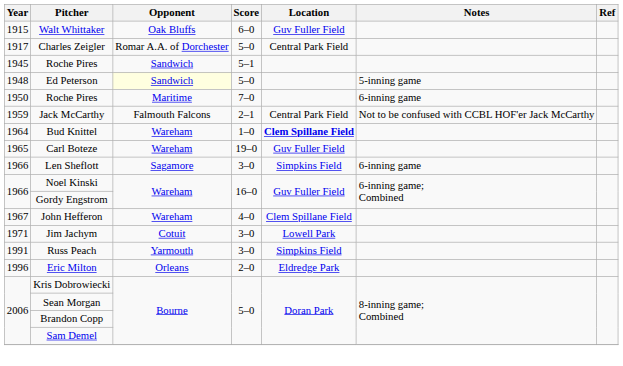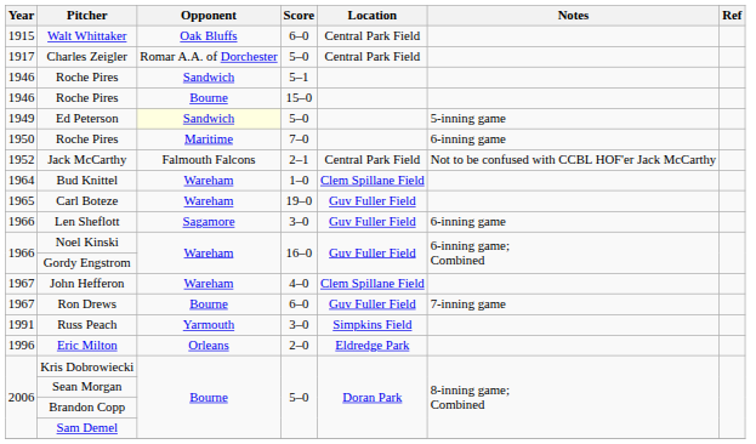 <table class="wikitable" style="text-align:center">
 <tr>
 <th scope="col">Year</th>
 <th scope="col">Pitcher</th>
 <th scope="col">Opponent</th>
 <th scope="col">Score</th>
 <th scope="col">Location</th>
 <th scope="col">Notes</th>
 <th scope="col">Ref</th>
 </tr>
 <tr>
 <td>1915</td>
 <td><a href='#'>Walt Whittaker</a></td>
 <td><a href='#'>Oak Bluffs</a></td>
 <td>6–0</td>
-<td><a href='#'>Guv Fuller Field</a></td>
+<td>Central Park Field</td>
 <td></td>
 <td></td>
 </tr>
 <tr>
 <td>1917</td>
 <td>Charles Zeigler</td>
 <td>Romar A.A. of <a href='#'>Dorchester</a></td>
 <td>5–0</td>
 <td>Central Park Field</td>
 <td></td>
 <td></td>
 </tr>
 <tr>
-<td>1945</td>
+<td>1946</td>
 <td>Roche Pires</td>
 <td><a href='#'>Sandwich</a></td>
 <td>5–1</td>
 <td></td>
 <td></td>
 <td></td>
 </tr>
 <tr>
-<td>1948</td>
+<td>1946</td>
+<td>Roche Pires</td>
+<td><a href='#'>Bourne</a></td>
+<td>15–0</td>
+<td></td>
+<td></td>
+<td></td>
+</tr>
+<tr>
+<td>1949</td>
 <td>Ed Peterson</td>
 <td style="background: lightyellow;"><a href='#'>Sandwich</a></td>
 <td>5–0</td>
 <td></td>
 <td style="text-align:left">5-inning game</td>
 <td></td>
 </tr>
 <tr>
 <td>1950</td>
 <td>Roche Pires</td>
 <td><a href='#'>Maritime</a></td>
 <td>7–0</td>
 <td></td>
 <td style="text-align:left">6-inning game</td>
 <td></td>
 </tr>
 <tr>
-<td>1959</td>
+<td>1952</td>
 <td>Jack McCarthy</td>
 <td>Falmouth Falcons</td>
 <td>2–1</td>
 <td>Central Park Field</td>
 <td style="text-align:left">Not to be confused with CCBL HOF'er Jack McCarthy</td>
 <td></td>
 </tr>
 <tr>
 <td>1964</td>
 <td>Bud Knittel</td>
 <td><a href='#'>Wareham</a></td>
 <td>1–0</td>
-<td><strong><a href='#'>Clem Spillane Field</a></strong></td>
+<td><a href='#'>Clem Spillane Field</a></td>
 <td></td>
 <td></td>
 </tr>
 <tr>
 <td>1965</td>
 <td>Carl Boteze</td>
 <td><a href='#'>Wareham</a></td>
 <td>19–0</td>
 <td><a href='#'>Guv Fuller Field</a></td>
 <td></td>
 <td></td>
 </tr>
 <tr>
 <td>1966</td>
 <td>Len Sheflott</td>
 <td><a href='#'>Sagamore</a></td>
 <td>3–0</td>
-<td><a href='#'>Simpkins Field</a></td>
+<td><a href='#'>Guv Fuller Field</a></td>
 <td style="text-align:left">6-inning game</td>
 <td></td>
 </tr>
 <tr>
 <td rowspan="2">1966</td>
 <td>Noel Kinski</td>
 <td rowspan="2"><a href='#'>Wareham</a></td>
 <td rowspan="2">16–0</td>
 <td rowspan="2"><a href='#'>Guv Fuller Field</a></td>
 <td style="text-align:left" rowspan="2">6-inning game;<br>Combined</td>
 <td rowspan="2"></td>
 </tr>
 <tr>
 <td>Gordy Engstrom</td>
 </tr>
 <tr>
 <td>1967</td>
 <td>John Hefferon</td>
 <td><a href='#'>Wareham</a></td>
 <td>4–0</td>
 <td><a href='#'>Clem Spillane Field</a></td>
 <td></td>
 <td></td>
 </tr>
 <tr>
-<td>1971</td>
-<td>Jim Jachym</td>
-<td><a href='#'>Cotuit</a></td>
-<td>3–0</td>
-<td><a href='#'>Lowell Park</a></td>
-<td></td>
+<td>1967</td>
+<td>Ron Drews</td>
+<td><a href='#'>Bourne</a></td>
+<td>6–0</td>
+<td><a href='#'>Guv Fuller Field</a></td>
+<td style="text-align:left">7-inning game</td>
 <td></td>
 </tr>
 <tr>
 <td>1991</td>
 <td>Russ Peach</td>
 <td><a href='#'>Yarmouth</a></td>
 <td>3–0</td>
 <td><a href='#'>Simpkins Field</a></td>
 <td></td>
 <td></td>
 </tr>
 <tr>
 <td>1996</td>
 <td><a href='#'>Eric Milton</a></td>
 <td><a href='#'>Orleans</a></td>
 <td>2–0</td>
 <td><a href='#'>Eldredge Park</a></td>
 <td></td>
 <td></td>
 </tr>
 <tr>
 <td rowspan="4">2006</td>
 <td>Kris Dobrowiecki</td>
 <td rowspan="4"><a href='#'>Bourne</a></td>
 <td rowspan="4">5–0</td>
 <td rowspan="4"><a href='#'>Doran Park</a></td>
 <td style="text-align:left" rowspan="4">8-inning game; <br>Combined</td>
 <td rowspan="4"></td>
 </tr>
 <tr>
 <td>Sean Morgan</td>
 </tr>
 <tr>
 <td>Brandon Copp</td>
 </tr>
 <tr>
 <td><a href='#'>Sam Demel</a></td>
 </tr>
 <tr>
 </tr>
 </table>
